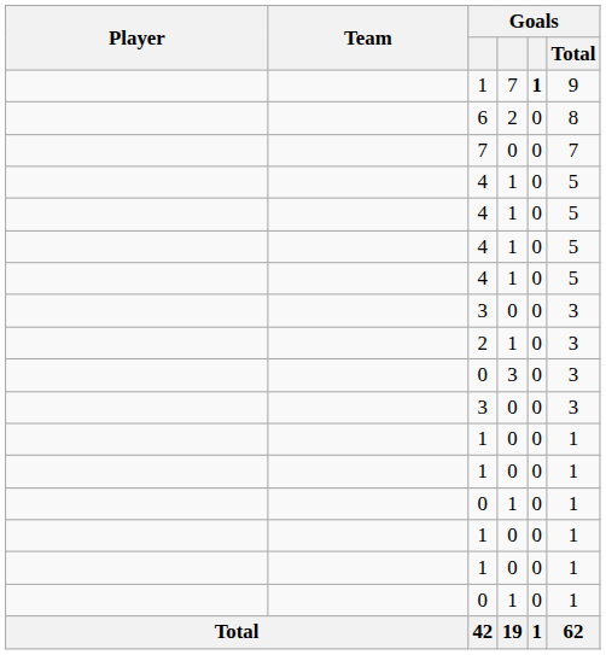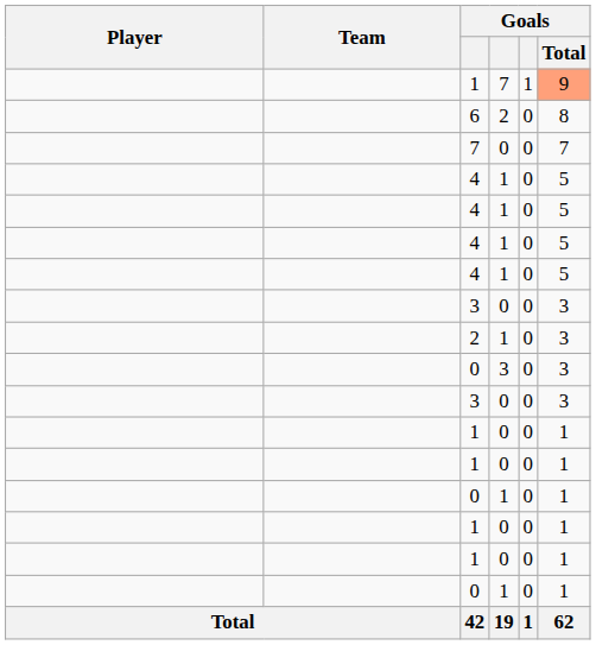 <table class="wikitable" style="text-align: center;">
 <tr>
 <th rowspan="2" style="width: 200px;">Player</th>
 <th rowspan="2" style="width: 150px;">Team</th>
 <th colspan="4">Goals</th>
 </tr>
 <tr>
 <th></th>
 <th></th>
 <th></th>
 <th>Total</th>
 </tr>
 <tr>
 <td></td>
 <td></td>
 <td>1</td>
 <td>7</td>
-<td><strong>1</strong></td>
-<td>9</td>
+<td>1</td>
+<td style="background: lightsalmon;">9</td>
 </tr>
 <tr>
 <td></td>
 <td></td>
 <td>6</td>
 <td>2</td>
 <td>0</td>
 <td>8</td>
 </tr>
 <tr>
 <td></td>
 <td></td>
 <td>7</td>
 <td>0</td>
 <td>0</td>
 <td>7</td>
 </tr>
 <tr>
 <td></td>
 <td></td>
 <td>4</td>
 <td>1</td>
 <td>0</td>
 <td>5</td>
 </tr>
 <tr>
 <td></td>
 <td></td>
 <td>4</td>
 <td>1</td>
 <td>0</td>
 <td>5</td>
 </tr>
 <tr>
 <td></td>
 <td></td>
 <td>4</td>
 <td>1</td>
 <td>0</td>
 <td>5</td>
 </tr>
 <tr>
 <td></td>
 <td></td>
 <td>4</td>
 <td>1</td>
 <td>0</td>
 <td>5</td>
 </tr>
 <tr>
 <td></td>
 <td></td>
 <td>3</td>
 <td>0</td>
 <td>0</td>
 <td>3</td>
 </tr>
 <tr>
 <td></td>
 <td></td>
 <td>2</td>
 <td>1</td>
 <td>0</td>
 <td>3</td>
 </tr>
 <tr>
 <td></td>
 <td></td>
 <td>0</td>
 <td>3</td>
 <td>0</td>
 <td>3</td>
 </tr>
 <tr>
 <td></td>
 <td></td>
 <td>3</td>
 <td>0</td>
 <td>0</td>
 <td>3</td>
 </tr>
 <tr>
 <td></td>
 <td></td>
 <td>1</td>
 <td>0</td>
 <td>0</td>
 <td>1</td>
 </tr>
 <tr>
 <td></td>
 <td></td>
 <td>1</td>
 <td>0</td>
 <td>0</td>
 <td>1</td>
 </tr>
 <tr>
 <td></td>
 <td></td>
 <td>0</td>
 <td>1</td>
 <td>0</td>
 <td>1</td>
 </tr>
 <tr>
 <td></td>
 <td></td>
 <td>1</td>
 <td>0</td>
 <td>0</td>
 <td>1</td>
 </tr>
 <tr>
 <td></td>
 <td></td>
 <td>1</td>
 <td>0</td>
 <td>0</td>
 <td>1</td>
 </tr>
 <tr>
 <td></td>
 <td></td>
 <td>0</td>
 <td>1</td>
 <td>0</td>
 <td>1</td>
 </tr>
 <tr>
 <th colspan="2">Total</th>
 <th>42</th>
 <th>19</th>
 <th>1</th>
 <th>62</th>
 </tr>
 </table>
